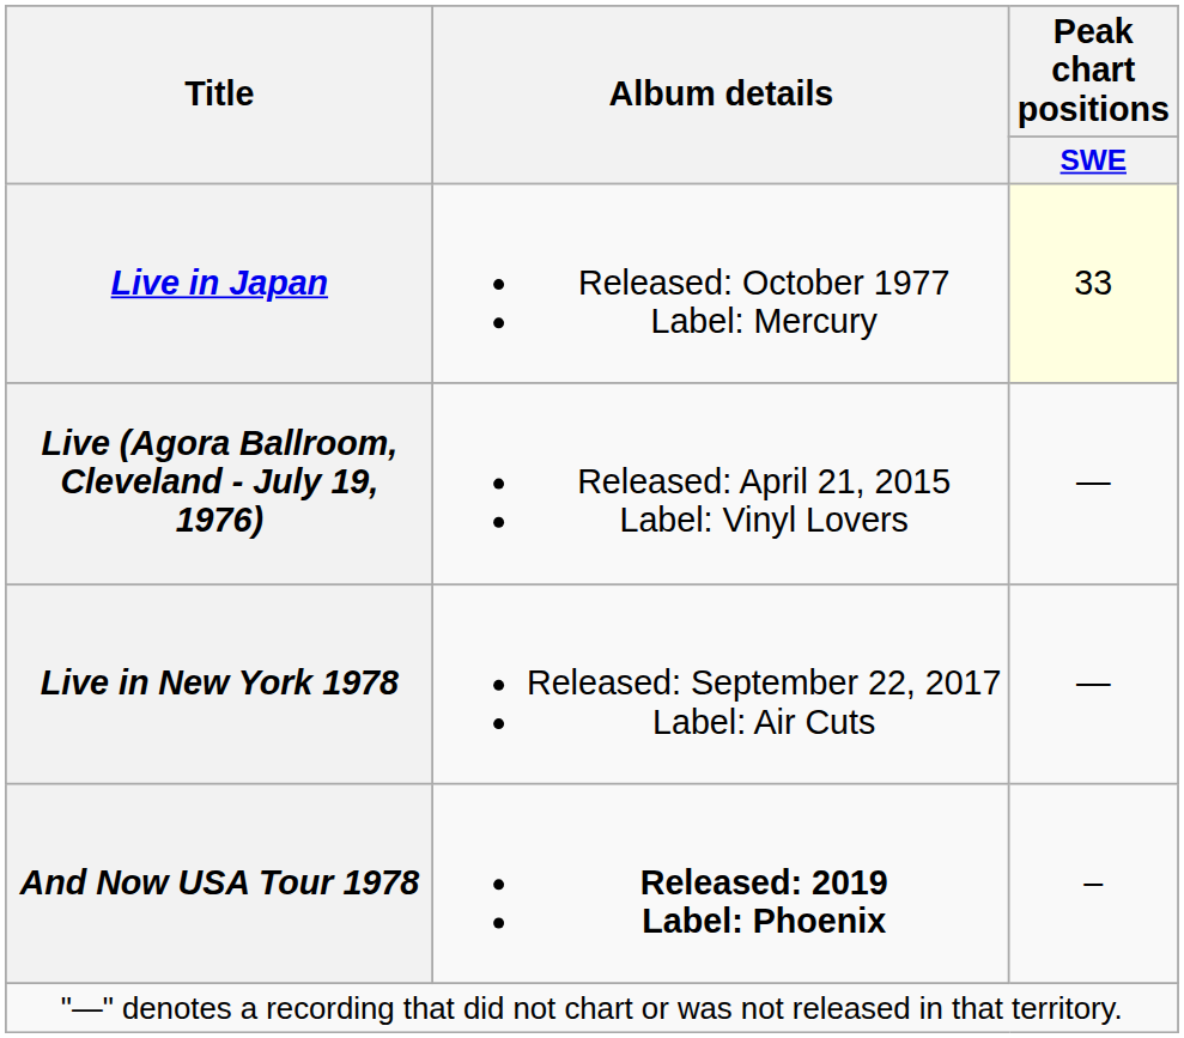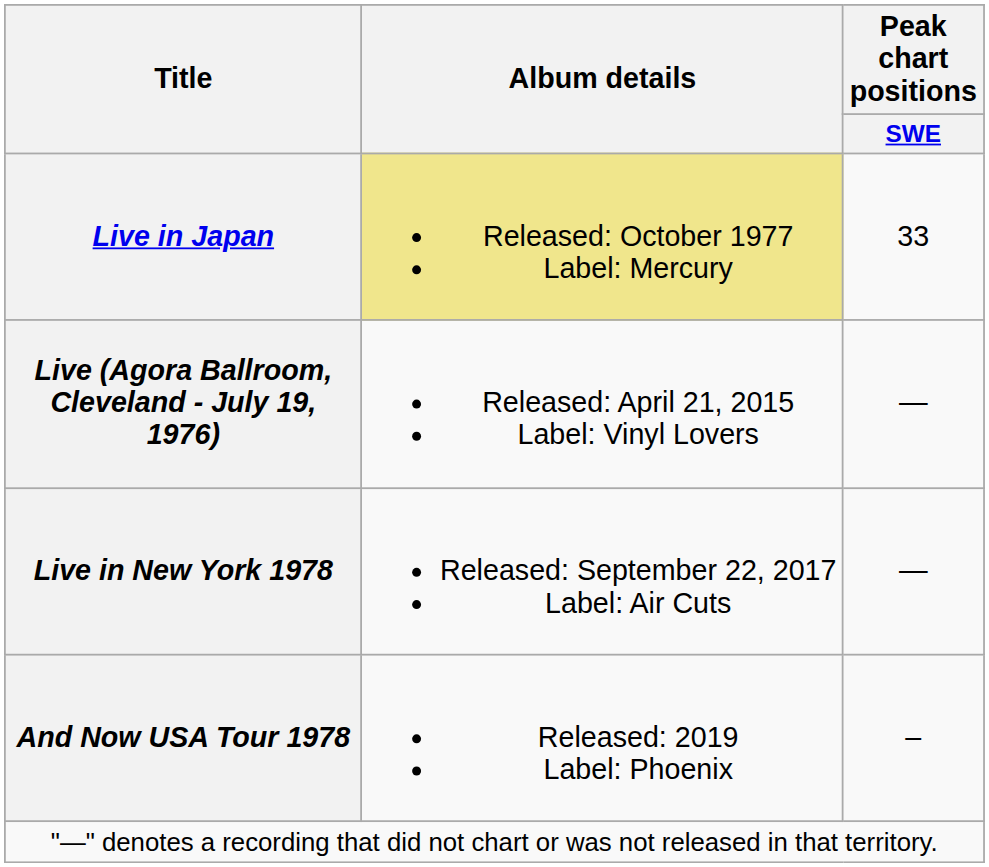 <table class="wikitable plainrowheaders" style="text-align:center;">
 <tr>
 <th rowspan="2" style="width:12em;">Title</th>
 <th rowspan="2">Album details</th>
 <th colspan="1">Peak chart positions</th>
 </tr>
 <tr>
 <th style="width:3em; font-size:85%"><a href='#'>SWE</a><br></th>
 </tr>
 <tr>
 <th scope="row"><em><a href='#'>Live in Japan</a></em></th>
-<td><br><ul><li>Released: October 1977</li><li>Label: Mercury</li></ul></td>
-<td style="background: lightyellow;">33</td>
+<td style="background: khaki;"><br><ul><li>Released: October 1977</li><li>Label: Mercury</li></ul></td>
+<td>33</td>
 </tr>
 <tr>
 <th scope="row"><em>Live (Agora Ballroom, Cleveland - July 19, 1976)</em></th>
 <td><br><ul><li>Released: April 21, 2015</li><li>Label: Vinyl Lovers</li></ul></td>
 <td>—</td>
 </tr>
 <tr>
 <th scope="row"><em>Live in New York 1978</em></th>
 <td><br><ul><li>Released: September 22, 2017</li><li>Label: Air Cuts</li></ul></td>
 <td>—</td>
 </tr>
 <tr>
 <th scope="row"><em>And Now USA Tour 1978</em></th>
-<td><strong><br><ul><li>Released: 2019</li><li>Label: Phoenix</li></ul></strong></td>
+<td><br><ul><li>Released: 2019</li><li>Label: Phoenix</li></ul></td>
 <td>–</td>
 </tr>
 <tr>
 <td colspan="8" style="font-size:90%">"—" denotes a recording that did not chart or was not released in that territory.</td>
 </tr>
 </table>
